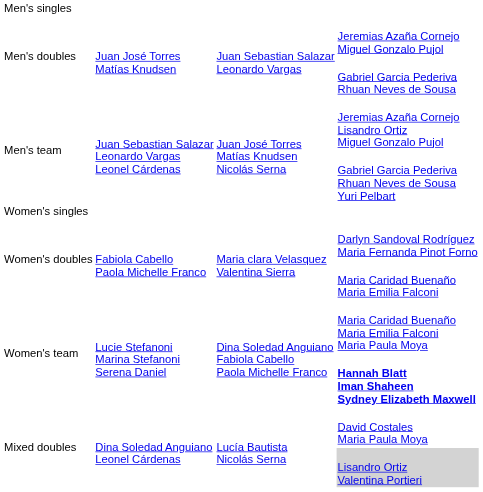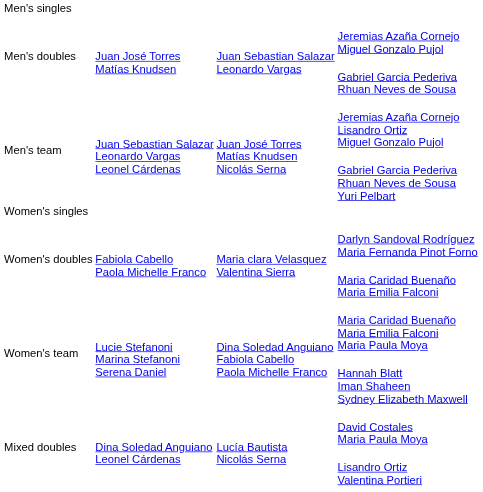 <table>
 <tr>
 <td rowspan=2>Men's singles</td>
 <td rowspan=2></td>
 <td rowspan=2></td>
 <td></td>
 </tr>
 <tr>
 <td></td>
 </tr>
 <tr>
 <td rowspan=2>Men's doubles</td>
 <td rowspan=2><br><a href='#'>Juan José Torres</a><br><a href='#'>Matías Knudsen</a></td>
 <td rowspan=2><br><a href='#'>Juan Sebastian Salazar</a><br><a href='#'>Leonardo Vargas</a></td>
 <td><br><a href='#'>Jeremias Azaña Cornejo</a><br><a href='#'>Miguel Gonzalo Pujol</a></td>
 </tr>
 <tr>
 <td><br><a href='#'>Gabriel Garcia Pederiva</a><br><a href='#'>Rhuan Neves de Sousa</a></td>
 </tr>
 <tr>
 <td rowspan=2>Men's team</td>
 <td rowspan=2><br><a href='#'>Juan Sebastian Salazar</a><br><a href='#'>Leonardo Vargas</a><br><a href='#'>Leonel Cárdenas</a></td>
 <td rowspan=2><br><a href='#'>Juan José Torres</a><br><a href='#'>Matías Knudsen</a><br><a href='#'>Nicolás Serna</a></td>
 <td><br><a href='#'>Jeremias Azaña Cornejo</a><br><a href='#'>Lisandro Ortiz</a><br><a href='#'>Miguel Gonzalo Pujol</a></td>
 </tr>
 <tr>
 <td><br><a href='#'>Gabriel Garcia Pederiva</a><br><a href='#'>Rhuan Neves de Sousa</a><br><a href='#'>Yuri Pelbart</a></td>
 </tr>
 <tr>
 <td rowspan=2>Women's singles</td>
 <td rowspan=2></td>
 <td rowspan=2></td>
 <td></td>
 </tr>
 <tr>
 <td></td>
 </tr>
 <tr>
 <td rowspan=2>Women's doubles</td>
 <td rowspan=2><br><a href='#'>Fabiola Cabello</a><br><a href='#'>Paola Michelle Franco</a></td>
 <td rowspan=2><br><a href='#'>Maria clara Velasquez</a><br><a href='#'>Valentina Sierra</a></td>
 <td><br><a href='#'>Darlyn Sandoval Rodríguez</a><br><a href='#'>Maria Fernanda Pinot Forno</a></td>
 </tr>
 <tr>
 <td><br><a href='#'>Maria Caridad Buenaño</a><br><a href='#'>Maria Emilia Falconi</a></td>
 </tr>
 <tr>
 <td rowspan=2>Women's team</td>
 <td rowspan=2><br><a href='#'>Lucie Stefanoni</a><br><a href='#'>Marina Stefanoni</a><br><a href='#'>Serena Daniel</a></td>
 <td rowspan=2><br><a href='#'>Dina Soledad Anguiano</a><br><a href='#'>Fabiola Cabello</a><br><a href='#'>Paola Michelle Franco</a></td>
 <td><br><a href='#'>Maria Caridad Buenaño</a><br><a href='#'>Maria Emilia Falconi</a><br><a href='#'>Maria Paula Moya</a></td>
 </tr>
 <tr>
-<td><strong><br><a href='#'>Hannah Blatt</a><br><a href='#'>Iman Shaheen</a><br><a href='#'>Sydney Elizabeth Maxwell</a></strong></td>
+<td><br><a href='#'>Hannah Blatt</a><br><a href='#'>Iman Shaheen</a><br><a href='#'>Sydney Elizabeth Maxwell</a></td>
 </tr>
 <tr>
 <td rowspan=2>Mixed doubles</td>
 <td rowspan=2><br><a href='#'>Dina Soledad Anguiano</a><br><a href='#'>Leonel Cárdenas</a></td>
 <td rowspan=2><br><a href='#'>Lucía Bautista</a><br><a href='#'>Nicolás Serna</a></td>
 <td><br><a href='#'>David Costales</a><br><a href='#'>Maria Paula Moya</a></td>
 </tr>
 <tr>
-<td style="background: lightgrey;"><br><a href='#'>Lisandro Ortiz</a><br><a href='#'>Valentina Portieri</a></td>
+<td><br><a href='#'>Lisandro Ortiz</a><br><a href='#'>Valentina Portieri</a></td>
 </tr>
 <tr>
 </tr>
 </table>
